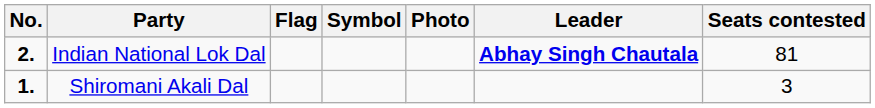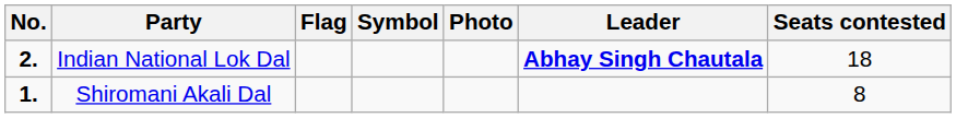 <table class="wikitable">
 <tr>
 <th>No.</th>
 <th>Party</th>
 <th>Flag</th>
 <th>Symbol</th>
 <th>Photo</th>
 <th>Leader</th>
 <th>Seats contested</th>
 </tr>
 <tr>
 <td ! style="text-align:center; background:"><strong>2.</strong></td>
 <td style="text-align:center"><a href='#'>Indian National Lok Dal</a></td>
 <td></td>
 <td></td>
 <td></td>
 <td style="text-align:center"><strong><a href='#'>Abhay Singh Chautala</a></strong></td>
-<td style="text-align:center">81</td>
+<td style="text-align:center">18</td>
 </tr>
 <tr>
 <td ! style="text-align:center; background:"><strong>1.</strong></td>
 <td style="text-align:center"><a href='#'>Shiromani Akali Dal</a></td>
 <td></td>
 <td></td>
 <td></td>
 <td style="text-align:center"></td>
-<td style="text-align:center">3</td>
+<td style="text-align:center">8</td>
 </tr>
 </table>
